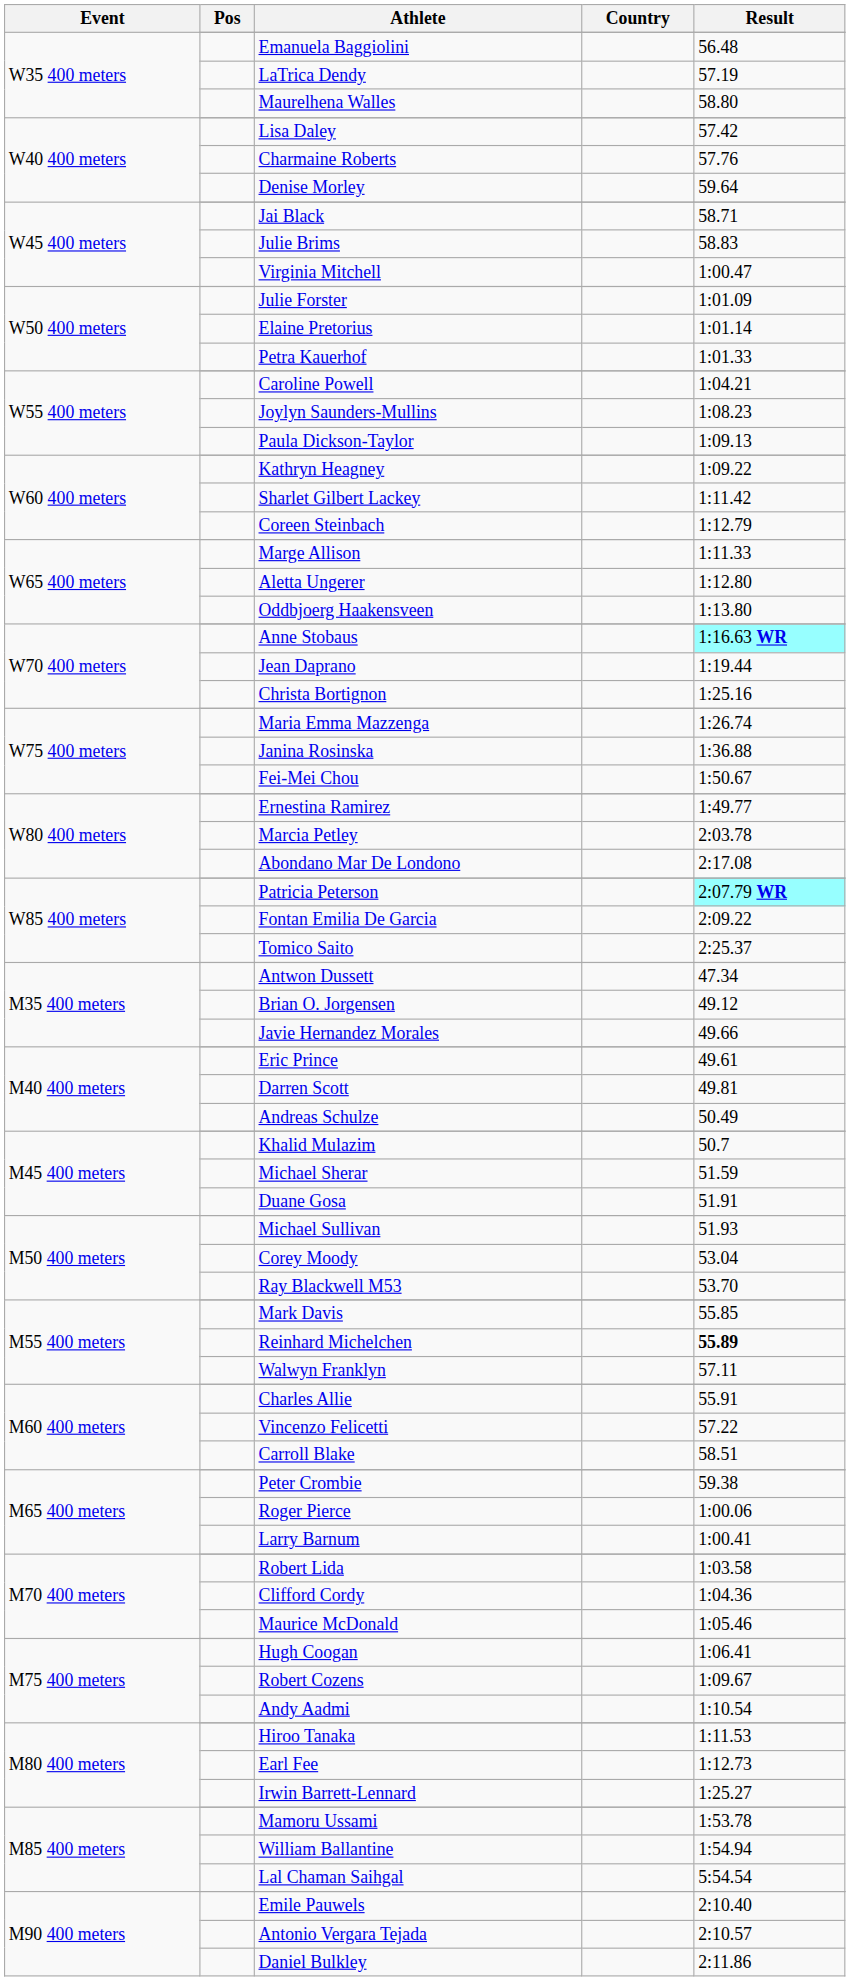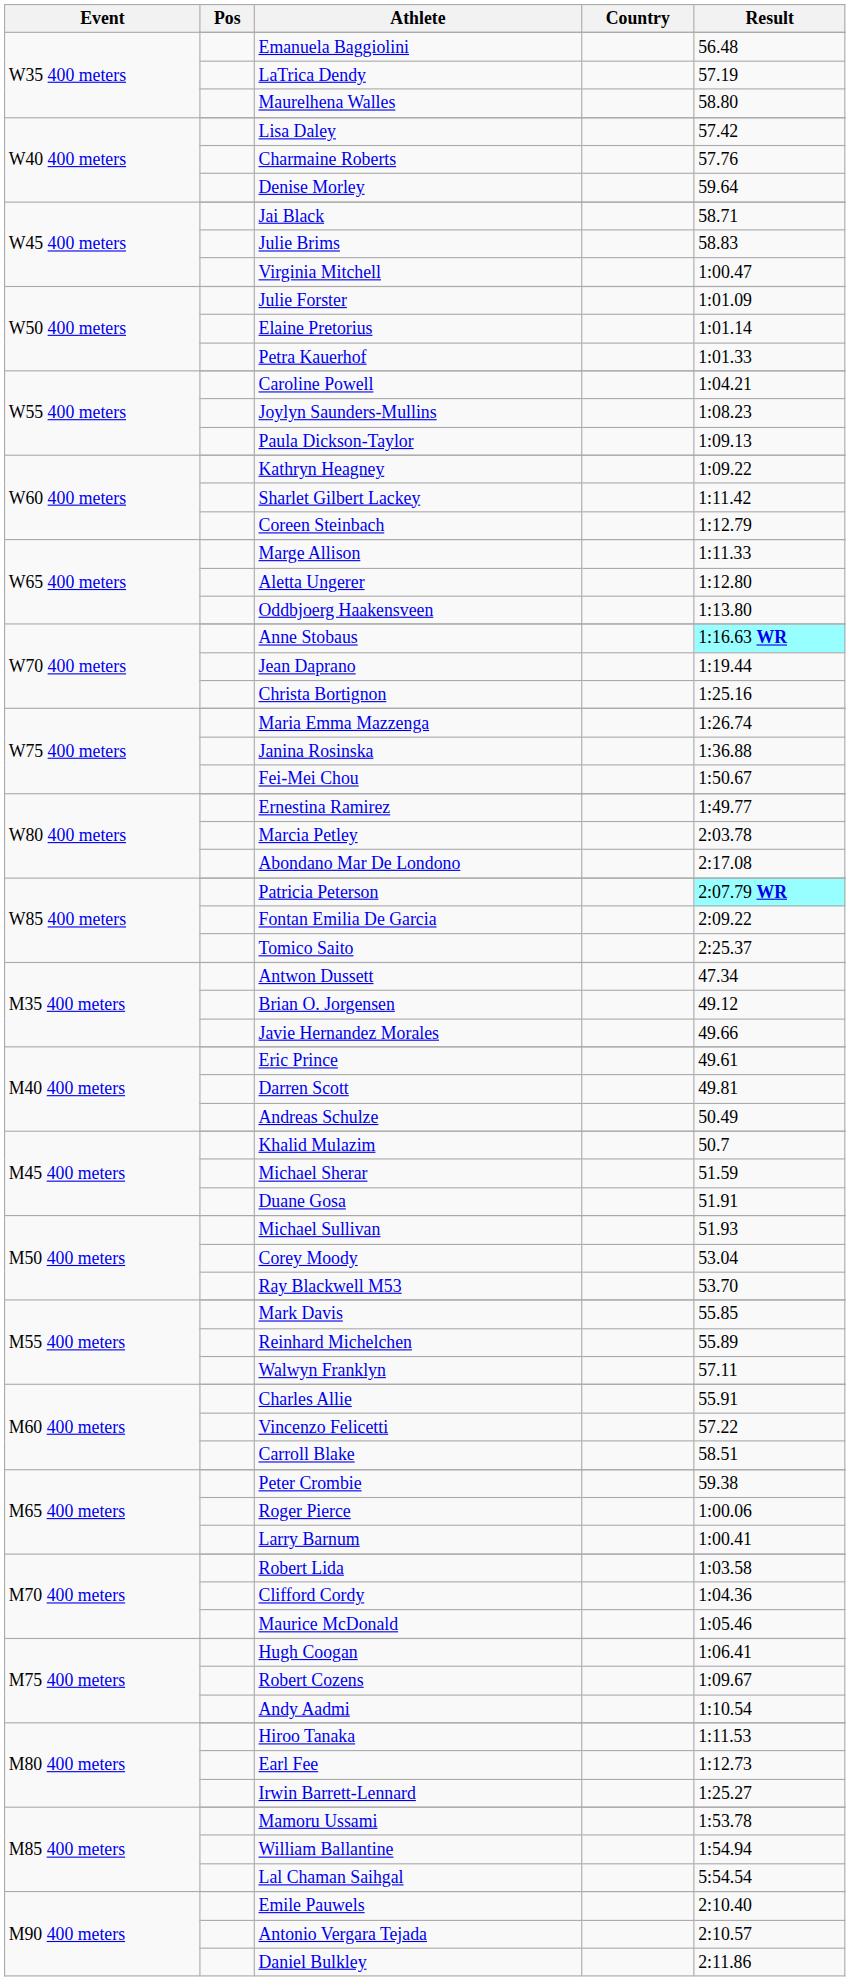 <table class="wikitable" style="width:60%;">
 <tr>
 <th>Event</th>
 <th>Pos</th>
 <th>Athlete</th>
 <th>Country</th>
 <th>Result</th>
 </tr>
 <tr>
 <td rowspan="4">W35 <a href='#'>400 meters</a></td>
 </tr>
 <tr>
 <td align=center></td>
 <td align=left><a href='#'>Emanuela Baggiolini</a></td>
 <td align=left></td>
 <td>56.48</td>
 </tr>
 <tr>
 <td align=center></td>
 <td align=left><a href='#'>LaTrica Dendy</a></td>
 <td align=left></td>
 <td>57.19</td>
 </tr>
 <tr>
 <td align=center></td>
 <td align=left><a href='#'>Maurelhena Walles</a></td>
 <td align=left></td>
 <td>58.80</td>
 </tr>
 <tr>
 <td rowspan="4">W40 <a href='#'>400 meters</a></td>
 </tr>
 <tr>
 <td align=center></td>
 <td align=left><a href='#'>Lisa Daley</a></td>
 <td align=left></td>
 <td>57.42</td>
 </tr>
 <tr>
 <td align=center></td>
 <td align=left><a href='#'>Charmaine Roberts</a></td>
 <td align=left></td>
 <td>57.76</td>
 </tr>
 <tr>
 <td align=center></td>
 <td align=left><a href='#'>Denise Morley</a></td>
 <td align=left></td>
 <td>59.64</td>
 </tr>
 <tr>
 <td rowspan="4">W45 <a href='#'>400 meters</a></td>
 </tr>
 <tr>
 <td align=center></td>
 <td align=left><a href='#'>Jai Black</a></td>
 <td align=left></td>
 <td>58.71</td>
 </tr>
 <tr>
 <td align=center></td>
 <td align=left><a href='#'>Julie Brims</a></td>
 <td align=left></td>
 <td>58.83</td>
 </tr>
 <tr>
 <td align=center></td>
 <td align=left><a href='#'>Virginia Mitchell</a></td>
 <td align=left></td>
 <td>1:00.47</td>
 </tr>
 <tr>
 <td rowspan="4">W50 <a href='#'>400 meters</a></td>
 </tr>
 <tr>
 <td align=center></td>
 <td align=left><a href='#'>Julie Forster</a></td>
 <td align=left></td>
 <td>1:01.09</td>
 </tr>
 <tr>
 <td align=center></td>
 <td align=left><a href='#'>Elaine Pretorius</a></td>
 <td align=left></td>
 <td>1:01.14</td>
 </tr>
 <tr>
 <td align=center></td>
 <td align=left><a href='#'>Petra Kauerhof</a></td>
 <td align=left></td>
 <td>1:01.33</td>
 </tr>
 <tr>
 <td rowspan="4">W55 <a href='#'>400 meters</a></td>
 </tr>
 <tr>
 <td align=center></td>
 <td align=left><a href='#'>Caroline Powell</a></td>
 <td align=left></td>
 <td>1:04.21</td>
 </tr>
 <tr>
 <td align=center></td>
 <td align=left><a href='#'>Joylyn Saunders-Mullins</a></td>
 <td align=left></td>
 <td>1:08.23</td>
 </tr>
 <tr>
 <td align=center></td>
 <td align=left><a href='#'>Paula Dickson-Taylor</a></td>
 <td align=left></td>
 <td>1:09.13</td>
 </tr>
 <tr>
 <td rowspan="4">W60 <a href='#'>400 meters</a></td>
 </tr>
 <tr>
 <td align=center></td>
 <td align=left><a href='#'>Kathryn Heagney</a></td>
 <td align=left></td>
 <td>1:09.22</td>
 </tr>
 <tr>
 <td align=center></td>
 <td align=left><a href='#'>Sharlet Gilbert Lackey</a></td>
 <td align=left></td>
 <td>1:11.42</td>
 </tr>
 <tr>
 <td align=center></td>
 <td align=left><a href='#'>Coreen Steinbach</a></td>
 <td align=left></td>
 <td>1:12.79</td>
 </tr>
 <tr>
 <td rowspan="4">W65 <a href='#'>400 meters</a></td>
 </tr>
 <tr>
 <td align=center></td>
 <td align=left><a href='#'>Marge Allison</a></td>
 <td align=left></td>
 <td>1:11.33</td>
 </tr>
 <tr>
 <td align=center></td>
 <td align=left><a href='#'>Aletta Ungerer</a></td>
 <td align=left></td>
 <td>1:12.80</td>
 </tr>
 <tr>
 <td align=center></td>
 <td align=left><a href='#'>Oddbjoerg Haakensveen</a></td>
 <td align=left></td>
 <td>1:13.80</td>
 </tr>
 <tr>
 <td rowspan="4">W70 <a href='#'>400 meters</a></td>
 </tr>
 <tr>
 <td align=center></td>
 <td align=left><a href='#'>Anne Stobaus</a></td>
 <td align=left></td>
 <td bgcolor=#97ffff>1:16.63 <strong><a href='#'>WR</a></strong></td>
 </tr>
 <tr>
 <td align=center></td>
 <td align=left><a href='#'>Jean Daprano</a></td>
 <td align=left></td>
 <td>1:19.44</td>
 </tr>
 <tr>
 <td align=center></td>
 <td align=left><a href='#'>Christa Bortignon</a></td>
 <td align=left></td>
 <td>1:25.16</td>
 </tr>
 <tr>
 <td rowspan="4">W75 <a href='#'>400 meters</a></td>
 </tr>
 <tr>
 <td align=center></td>
 <td align=left><a href='#'>Maria Emma Mazzenga</a></td>
 <td align=left></td>
 <td>1:26.74</td>
 </tr>
 <tr>
 <td align=center></td>
 <td align=left><a href='#'>Janina Rosinska</a></td>
 <td align=left></td>
 <td>1:36.88</td>
 </tr>
 <tr>
 <td align=center></td>
 <td align=left><a href='#'>Fei-Mei Chou</a></td>
 <td align=left></td>
 <td>1:50.67</td>
 </tr>
 <tr>
 <td rowspan="4">W80 <a href='#'>400 meters</a></td>
 </tr>
 <tr>
 <td align=center></td>
 <td align=left><a href='#'>Ernestina Ramirez</a></td>
 <td align=left></td>
 <td>1:49.77</td>
 </tr>
 <tr>
 <td align=center></td>
 <td align=left><a href='#'>Marcia Petley</a></td>
 <td align=left></td>
 <td>2:03.78</td>
 </tr>
 <tr>
 <td align=center></td>
 <td align=left><a href='#'>Abondano Mar De Londono</a></td>
 <td align=left></td>
 <td>2:17.08</td>
 </tr>
 <tr>
 <td rowspan="4">W85 <a href='#'>400 meters</a></td>
 </tr>
 <tr>
 <td align=center></td>
 <td align=left><a href='#'>Patricia Peterson</a></td>
 <td align=left></td>
 <td bgcolor=#97ffff>2:07.79 <strong><a href='#'>WR</a></strong></td>
 </tr>
 <tr>
 <td align=center></td>
 <td align=left><a href='#'>Fontan Emilia De Garcia</a></td>
 <td align=left></td>
 <td>2:09.22</td>
 </tr>
 <tr>
 <td align=center></td>
 <td align=left><a href='#'>Tomico Saito</a></td>
 <td align=left></td>
 <td>2:25.37</td>
 </tr>
 <tr>
 <td rowspan="4">M35 <a href='#'>400 meters</a></td>
 </tr>
 <tr>
 <td align=center></td>
 <td align=left><a href='#'>Antwon Dussett</a></td>
 <td align=left></td>
 <td>47.34</td>
 </tr>
 <tr>
 <td align=center></td>
 <td align=left><a href='#'>Brian O. Jorgensen</a></td>
 <td align=left></td>
 <td>49.12</td>
 </tr>
 <tr>
 <td align=center></td>
 <td align=left><a href='#'>Javie Hernandez Morales</a></td>
 <td align=left></td>
 <td>49.66</td>
 </tr>
 <tr>
 <td rowspan="4">M40 <a href='#'>400 meters</a></td>
 </tr>
 <tr>
 <td align=center></td>
 <td align=left><a href='#'>Eric Prince</a></td>
 <td align=left></td>
 <td>49.61</td>
 </tr>
 <tr>
 <td align=center></td>
 <td align=left><a href='#'>Darren Scott</a></td>
 <td align=left></td>
 <td>49.81</td>
 </tr>
 <tr>
 <td align=center></td>
 <td align=left><a href='#'>Andreas Schulze</a></td>
 <td align=left></td>
 <td>50.49</td>
 </tr>
 <tr>
 <td rowspan="4">M45 <a href='#'>400 meters</a></td>
 </tr>
 <tr>
 <td align=center></td>
 <td align=left><a href='#'>Khalid Mulazim</a></td>
 <td align=left></td>
 <td>50.7</td>
 </tr>
 <tr>
 <td align=center></td>
 <td align=left><a href='#'>Michael Sherar</a></td>
 <td align=left></td>
 <td>51.59</td>
 </tr>
 <tr>
 <td align=center></td>
 <td align=left><a href='#'>Duane Gosa</a></td>
 <td align=left></td>
 <td>51.91</td>
 </tr>
 <tr>
 <td rowspan="4">M50 <a href='#'>400 meters</a></td>
 </tr>
 <tr>
 <td align=center></td>
 <td align=left><a href='#'>Michael Sullivan</a></td>
 <td align=left></td>
 <td>51.93</td>
 </tr>
 <tr>
 <td align=center></td>
 <td align=left><a href='#'>Corey Moody</a></td>
 <td align=left></td>
 <td>53.04</td>
 </tr>
 <tr>
 <td align=center></td>
 <td align=left><a href='#'>Ray Blackwell M53</a></td>
 <td align=left></td>
 <td>53.70</td>
 </tr>
 <tr>
 <td rowspan="4">M55 <a href='#'>400 meters</a></td>
 </tr>
 <tr>
 <td align=center></td>
 <td align=left><a href='#'>Mark Davis</a></td>
 <td align=left></td>
 <td>55.85</td>
 </tr>
 <tr>
 <td align=center></td>
 <td align=left><a href='#'>Reinhard Michelchen</a></td>
 <td align=left></td>
-<td><strong>55.89</strong></td>
+<td>55.89</td>
 </tr>
 <tr>
 <td align=center></td>
 <td align=left><a href='#'>Walwyn Franklyn</a></td>
 <td align=left></td>
 <td>57.11</td>
 </tr>
 <tr>
 <td rowspan="4">M60 <a href='#'>400 meters</a></td>
 </tr>
 <tr>
 <td align=center></td>
 <td align=left><a href='#'>Charles Allie</a></td>
 <td align=left></td>
 <td>55.91</td>
 </tr>
 <tr>
 <td align=center></td>
 <td align=left><a href='#'>Vincenzo Felicetti</a></td>
 <td align=left></td>
 <td>57.22</td>
 </tr>
 <tr>
 <td align=center></td>
 <td align=left><a href='#'>Carroll Blake</a></td>
 <td align=left></td>
 <td>58.51</td>
 </tr>
 <tr>
 <td rowspan="4">M65 <a href='#'>400 meters</a></td>
 </tr>
 <tr>
 <td align=center></td>
 <td align=left><a href='#'>Peter Crombie</a></td>
 <td align=left></td>
 <td>59.38</td>
 </tr>
 <tr>
 <td align=center></td>
 <td align=left><a href='#'>Roger Pierce</a></td>
 <td align=left></td>
 <td>1:00.06</td>
 </tr>
 <tr>
 <td align=center></td>
 <td align=left><a href='#'>Larry Barnum</a></td>
 <td align=left></td>
 <td>1:00.41</td>
 </tr>
 <tr>
 <td rowspan="4">M70 <a href='#'>400 meters</a></td>
 </tr>
 <tr>
 <td align=center></td>
 <td align=left><a href='#'>Robert Lida</a></td>
 <td align=left></td>
 <td>1:03.58</td>
 </tr>
 <tr>
 <td align=center></td>
 <td align=left><a href='#'>Clifford Cordy</a></td>
 <td align=left></td>
 <td>1:04.36</td>
 </tr>
 <tr>
 <td align=center></td>
 <td align=left><a href='#'>Maurice McDonald</a></td>
 <td align=left></td>
 <td>1:05.46</td>
 </tr>
 <tr>
 <td rowspan="4">M75 <a href='#'>400 meters</a></td>
 </tr>
 <tr>
 <td align=center></td>
 <td align=left><a href='#'>Hugh Coogan</a></td>
 <td align=left></td>
 <td>1:06.41</td>
 </tr>
 <tr>
 <td align=center></td>
 <td align=left><a href='#'>Robert Cozens</a></td>
 <td align=left></td>
 <td>1:09.67</td>
 </tr>
 <tr>
 <td align=center></td>
 <td align=left><a href='#'>Andy Aadmi</a></td>
 <td align=left></td>
 <td>1:10.54</td>
 </tr>
 <tr>
 <td rowspan="4">M80 <a href='#'>400 meters</a></td>
 </tr>
 <tr>
 <td align=center></td>
 <td align=left><a href='#'>Hiroo Tanaka</a></td>
 <td align=left></td>
 <td>1:11.53</td>
 </tr>
 <tr>
 <td align=center></td>
 <td align=left><a href='#'>Earl Fee</a></td>
 <td align=left></td>
 <td>1:12.73</td>
 </tr>
 <tr>
 <td align=center></td>
 <td align=left><a href='#'>Irwin Barrett-Lennard</a></td>
 <td align=left></td>
 <td>1:25.27</td>
 </tr>
 <tr>
 <td rowspan="4">M85 <a href='#'>400 meters</a></td>
 </tr>
 <tr>
 <td align=center></td>
 <td align=left><a href='#'>Mamoru Ussami</a></td>
 <td align=left></td>
 <td>1:53.78</td>
 </tr>
 <tr>
 <td align=center></td>
 <td align=left><a href='#'>William Ballantine</a></td>
 <td align=left></td>
 <td>1:54.94</td>
 </tr>
 <tr>
 <td align=center></td>
 <td align=left><a href='#'>Lal Chaman Saihgal</a></td>
 <td align=left></td>
 <td>5:54.54</td>
 </tr>
 <tr>
 <td rowspan="4">M90 <a href='#'>400 meters</a></td>
 </tr>
 <tr>
 <td align=center></td>
 <td align=left><a href='#'>Emile Pauwels</a></td>
 <td align=left></td>
 <td>2:10.40</td>
 </tr>
 <tr>
 <td align=center></td>
 <td align=left><a href='#'>Antonio Vergara Tejada</a></td>
 <td align=left></td>
 <td>2:10.57</td>
 </tr>
 <tr>
 <td align=center></td>
 <td align=left><a href='#'>Daniel Bulkley</a></td>
 <td align=left></td>
 <td>2:11.86</td>
 </tr>
 </table>
